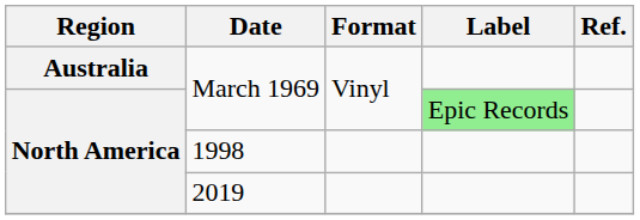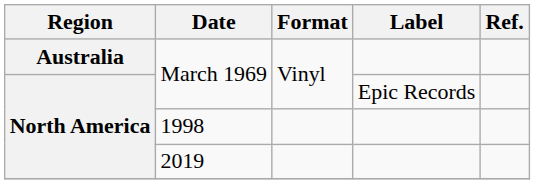 <table class="wikitable plainrowheaders">
 <tr>
 <th scope="col">Region</th>
 <th scope="col">Date</th>
 <th scope="col">Format</th>
 <th scope="col">Label</th>
 <th scope="col">Ref.</th>
 </tr>
 <tr>
 <th scope="row">Australia</th>
 <td rowspan="2">March 1969</td>
 <td rowspan="2">Vinyl</td>
 <td></td>
 <td></td>
 </tr>
 <tr>
 <th scope="row" rowspan="3">North America</th>
-<td style="background: lightgreen;">Epic Records</td>
+<td>Epic Records</td>
 <td></td>
 </tr>
 <tr>
 <td>1998</td>
 <td></td>
 <td></td>
 <td></td>
 </tr>
 <tr>
 <td>2019</td>
 <td></td>
 <td></td>
 <td></td>
 </tr>
 <tr>
 </tr>
 </table>
